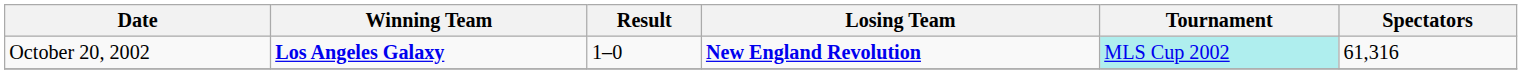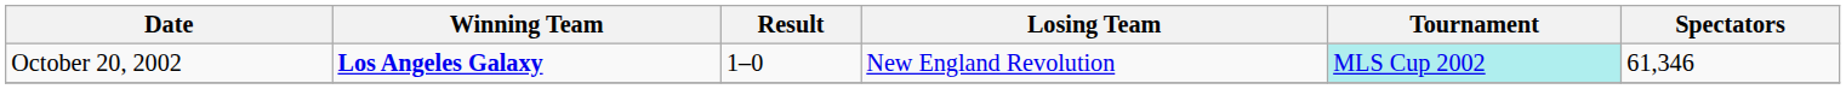 <table class="wikitable" style="text-align:left; width:95%;" style="text-align:center">
 <tr>
 <th style="text-align:center; ">Date</th>
 <th style="text-align:center; ">Winning Team</th>
 <th style="text-align:center; ">Result</th>
 <th style="text-align:center; ">Losing Team</th>
 <th style="text-align:center; ">Tournament</th>
 <th style="text-align:center; ">Spectators</th>
 </tr>
 <tr>
 <td>October 20, 2002</td>
 <td> <strong><a href='#'>Los Angeles Galaxy</a></strong></td>
 <td>1–0</td>
-<td><strong> <a href='#'>New England Revolution</a></strong></td>
+<td> <a href='#'>New England Revolution</a></td>
 <td style="background: paleturquoise;"><a href='#'>MLS Cup 2002</a></td>
-<td>61,316</td>
+<td>61,346</td>
 </tr>
 <tr>
 </tr>
 </table>
